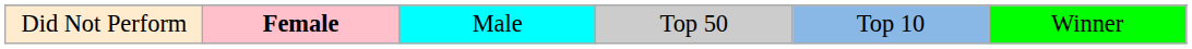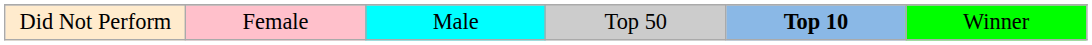 <table class="wikitable" style="margin:1em auto; text-align:center;">
 <tr>
 </tr>
 <tr>
 <td style = "background:#ffebcd; width:15%;">Did Not Perform</td>
-<td style = "background:pink; width:15%;"><strong>Female</strong></td>
+<td style = "background:pink; width:15%;">Female</td>
 <td style = "background:cyan; width:15%;">Male</td>
 <td style = "background:#ccc; width:15%;">Top 50</td>
-<td style = "background:#8ab8e6; width:15%;">Top 10</td>
+<td style = "background:#8ab8e6; width:15%;"><strong>Top 10</strong></td>
 <td style = "background:lime; width:15%;">Winner</td>
 </tr>
 </table>
